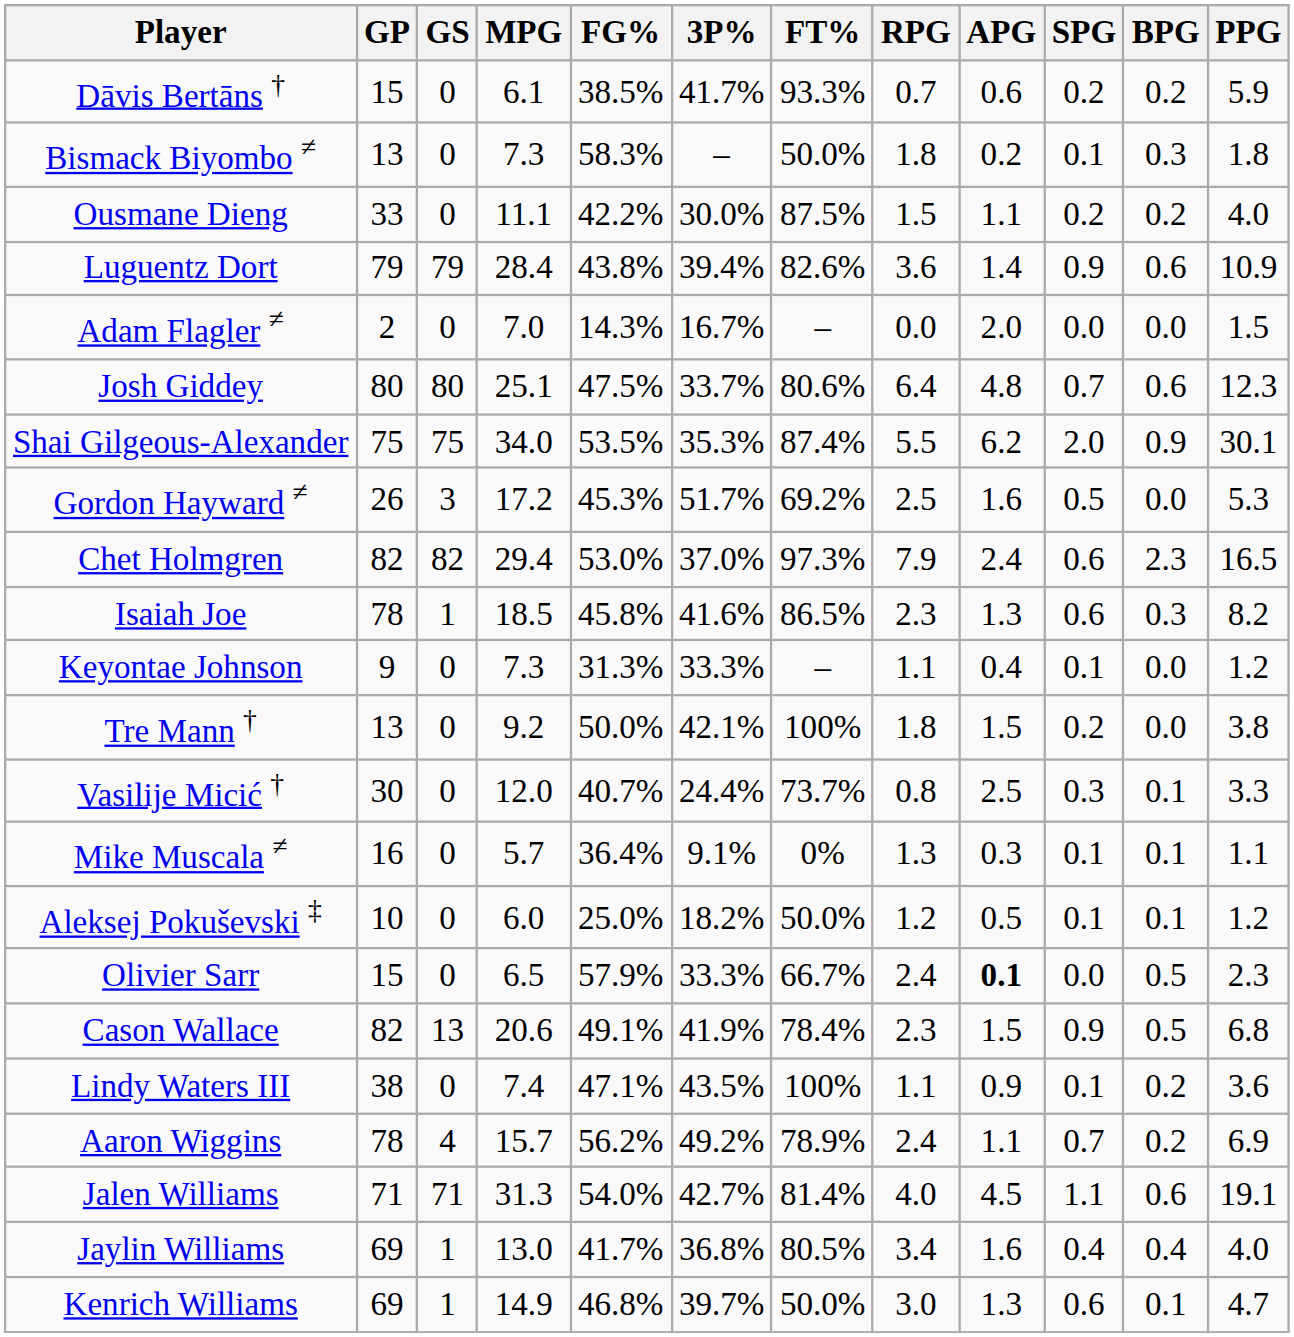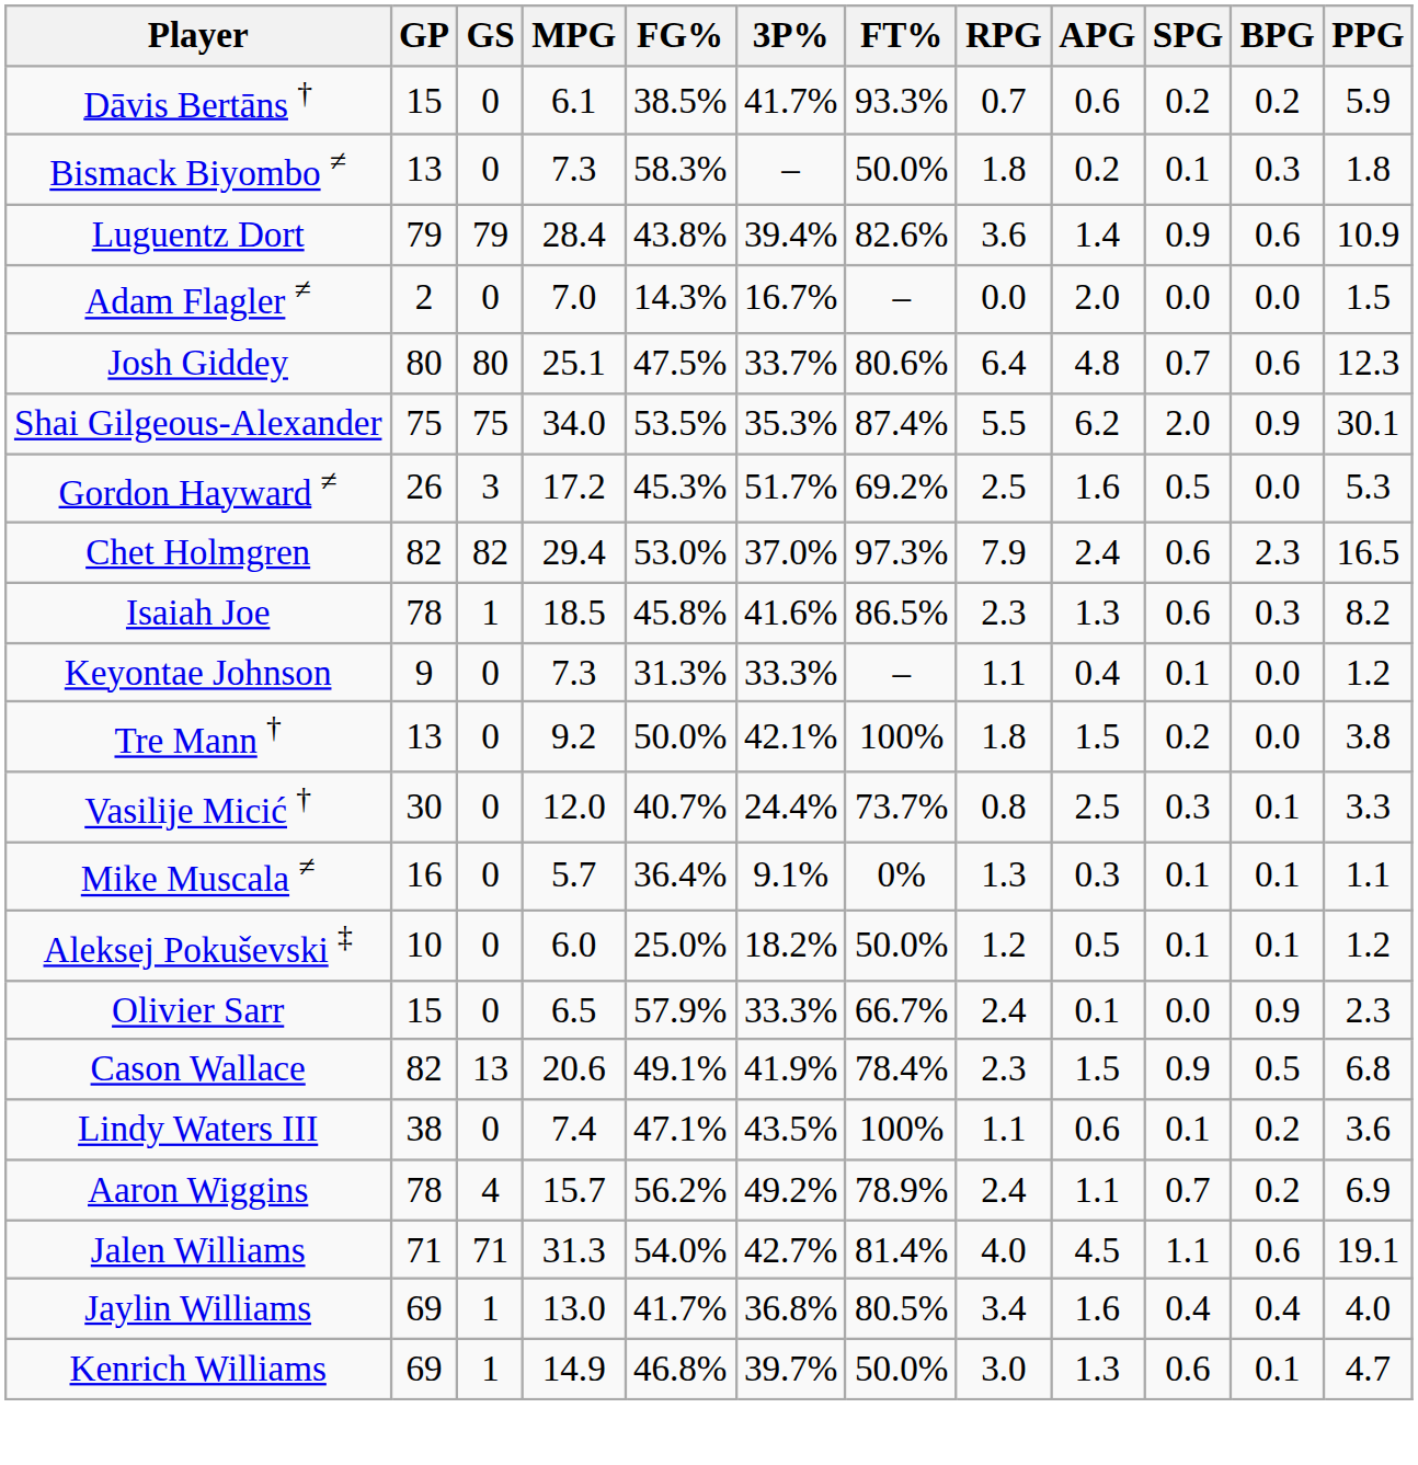 <table class="wikitable sortable" style="font-size: 90%; text-align:center;">
 <tr>
 <th>Player</th>
 <th>GP</th>
 <th>GS</th>
 <th>MPG</th>
 <th>FG%</th>
 <th>3P%</th>
 <th>FT%</th>
 <th>RPG</th>
 <th>APG</th>
 <th>SPG</th>
 <th>BPG</th>
 <th>PPG</th>
 </tr>
 <tr>
 <td><a href='#'>Dāvis Bertāns</a> <sup>†</sup></td>
 <td>15</td>
 <td>0</td>
 <td>6.1</td>
 <td>38.5%</td>
 <td>41.7%</td>
 <td>93.3%</td>
 <td>0.7</td>
 <td>0.6</td>
 <td>0.2</td>
 <td>0.2</td>
 <td>5.9</td>
 </tr>
 <tr>
 <td><a href='#'>Bismack Biyombo</a> <sup>≠</sup></td>
 <td>13</td>
 <td>0</td>
 <td>7.3</td>
 <td>58.3%</td>
 <td>–</td>
 <td>50.0%</td>
 <td>1.8</td>
 <td>0.2</td>
 <td>0.1</td>
 <td>0.3</td>
 <td>1.8</td>
-</tr>
-<tr>
-<td><a href='#'>Ousmane Dieng</a></td>
-<td>33</td>
-<td>0</td>
-<td>11.1</td>
-<td>42.2%</td>
-<td>30.0%</td>
-<td>87.5%</td>
-<td>1.5</td>
-<td>1.1</td>
-<td>0.2</td>
-<td>0.2</td>
-<td>4.0</td>
 </tr>
 <tr>
 <td><a href='#'>Luguentz Dort</a></td>
 <td>79</td>
 <td>79</td>
 <td>28.4</td>
 <td>43.8%</td>
 <td>39.4%</td>
 <td>82.6%</td>
 <td>3.6</td>
 <td>1.4</td>
 <td>0.9</td>
 <td>0.6</td>
 <td>10.9</td>
 </tr>
 <tr>
 <td><a href='#'>Adam Flagler</a> <sup>≠</sup></td>
 <td>2</td>
 <td>0</td>
 <td>7.0</td>
 <td>14.3%</td>
 <td>16.7%</td>
 <td>–</td>
 <td>0.0</td>
 <td>2.0</td>
 <td>0.0</td>
 <td>0.0</td>
 <td>1.5</td>
 </tr>
 <tr>
 <td><a href='#'>Josh Giddey</a></td>
 <td>80</td>
 <td>80</td>
 <td>25.1</td>
 <td>47.5%</td>
 <td>33.7%</td>
 <td>80.6%</td>
 <td>6.4</td>
 <td>4.8</td>
 <td>0.7</td>
 <td>0.6</td>
 <td>12.3</td>
 </tr>
 <tr>
 <td><a href='#'>Shai Gilgeous-Alexander</a></td>
 <td>75</td>
 <td>75</td>
 <td>34.0</td>
 <td>53.5%</td>
 <td>35.3%</td>
 <td>87.4%</td>
 <td>5.5</td>
 <td>6.2</td>
 <td>2.0</td>
 <td>0.9</td>
 <td>30.1</td>
 </tr>
 <tr>
 <td><a href='#'>Gordon Hayward</a> <sup>≠</sup></td>
 <td>26</td>
 <td>3</td>
 <td>17.2</td>
 <td>45.3%</td>
 <td>51.7%</td>
 <td>69.2%</td>
 <td>2.5</td>
 <td>1.6</td>
 <td>0.5</td>
 <td>0.0</td>
 <td>5.3</td>
 </tr>
 <tr>
 <td><a href='#'>Chet Holmgren</a></td>
 <td>82</td>
 <td>82</td>
 <td>29.4</td>
 <td>53.0%</td>
 <td>37.0%</td>
 <td>97.3%</td>
 <td>7.9</td>
 <td>2.4</td>
 <td>0.6</td>
 <td>2.3</td>
 <td>16.5</td>
 </tr>
 <tr>
 <td><a href='#'>Isaiah Joe</a></td>
 <td>78</td>
 <td>1</td>
 <td>18.5</td>
 <td>45.8%</td>
 <td>41.6%</td>
 <td>86.5%</td>
 <td>2.3</td>
 <td>1.3</td>
 <td>0.6</td>
 <td>0.3</td>
 <td>8.2</td>
 </tr>
 <tr>
 <td><a href='#'>Keyontae Johnson</a></td>
 <td>9</td>
 <td>0</td>
 <td>7.3</td>
 <td>31.3%</td>
 <td>33.3%</td>
 <td>–</td>
 <td>1.1</td>
 <td>0.4</td>
 <td>0.1</td>
 <td>0.0</td>
 <td>1.2</td>
 </tr>
 <tr>
 <td><a href='#'>Tre Mann</a> <sup>†</sup></td>
 <td>13</td>
 <td>0</td>
 <td>9.2</td>
 <td>50.0%</td>
 <td>42.1%</td>
 <td>100%</td>
 <td>1.8</td>
 <td>1.5</td>
 <td>0.2</td>
 <td>0.0</td>
 <td>3.8</td>
 </tr>
 <tr>
 <td><a href='#'>Vasilije Micić</a> <sup>†</sup></td>
 <td>30</td>
 <td>0</td>
 <td>12.0</td>
 <td>40.7%</td>
 <td>24.4%</td>
 <td>73.7%</td>
 <td>0.8</td>
 <td>2.5</td>
 <td>0.3</td>
 <td>0.1</td>
 <td>3.3</td>
 </tr>
 <tr>
 <td><a href='#'>Mike Muscala</a> <sup>≠</sup></td>
 <td>16</td>
 <td>0</td>
 <td>5.7</td>
 <td>36.4%</td>
 <td>9.1%</td>
 <td>0%</td>
 <td>1.3</td>
 <td>0.3</td>
 <td>0.1</td>
 <td>0.1</td>
 <td>1.1</td>
 </tr>
 <tr>
 <td><a href='#'>Aleksej Pokuševski</a> <sup>‡</sup></td>
 <td>10</td>
 <td>0</td>
 <td>6.0</td>
 <td>25.0%</td>
 <td>18.2%</td>
 <td>50.0%</td>
 <td>1.2</td>
 <td>0.5</td>
 <td>0.1</td>
 <td>0.1</td>
 <td>1.2</td>
 </tr>
 <tr>
 <td><a href='#'>Olivier Sarr</a></td>
 <td>15</td>
 <td>0</td>
 <td>6.5</td>
 <td>57.9%</td>
 <td>33.3%</td>
 <td>66.7%</td>
 <td>2.4</td>
-<td><strong>0.1</strong></td>
+<td>0.1</td>
 <td>0.0</td>
-<td>0.5</td>
+<td>0.9</td>
 <td>2.3</td>
 </tr>
 <tr>
 <td><a href='#'>Cason Wallace</a></td>
 <td>82</td>
 <td>13</td>
 <td>20.6</td>
 <td>49.1%</td>
 <td>41.9%</td>
 <td>78.4%</td>
 <td>2.3</td>
 <td>1.5</td>
 <td>0.9</td>
 <td>0.5</td>
 <td>6.8</td>
 </tr>
 <tr>
 <td><a href='#'>Lindy Waters III</a></td>
 <td>38</td>
 <td>0</td>
 <td>7.4</td>
 <td>47.1%</td>
 <td>43.5%</td>
 <td>100%</td>
 <td>1.1</td>
-<td>0.9</td>
+<td>0.6</td>
 <td>0.1</td>
 <td>0.2</td>
 <td>3.6</td>
 </tr>
 <tr>
 <td><a href='#'>Aaron Wiggins</a></td>
 <td>78</td>
 <td>4</td>
 <td>15.7</td>
 <td>56.2%</td>
 <td>49.2%</td>
 <td>78.9%</td>
 <td>2.4</td>
 <td>1.1</td>
 <td>0.7</td>
 <td>0.2</td>
 <td>6.9</td>
 </tr>
 <tr>
 <td><a href='#'>Jalen Williams</a></td>
 <td>71</td>
 <td>71</td>
 <td>31.3</td>
 <td>54.0%</td>
 <td>42.7%</td>
 <td>81.4%</td>
 <td>4.0</td>
 <td>4.5</td>
 <td>1.1</td>
 <td>0.6</td>
 <td>19.1</td>
 </tr>
 <tr>
 <td><a href='#'>Jaylin Williams</a></td>
 <td>69</td>
 <td>1</td>
 <td>13.0</td>
 <td>41.7%</td>
 <td>36.8%</td>
 <td>80.5%</td>
 <td>3.4</td>
 <td>1.6</td>
 <td>0.4</td>
 <td>0.4</td>
 <td>4.0</td>
 </tr>
 <tr>
 <td><a href='#'>Kenrich Williams</a></td>
 <td>69</td>
 <td>1</td>
 <td>14.9</td>
 <td>46.8%</td>
 <td>39.7%</td>
 <td>50.0%</td>
 <td>3.0</td>
 <td>1.3</td>
 <td>0.6</td>
 <td>0.1</td>
 <td>4.7</td>
 </tr>
 </table>
